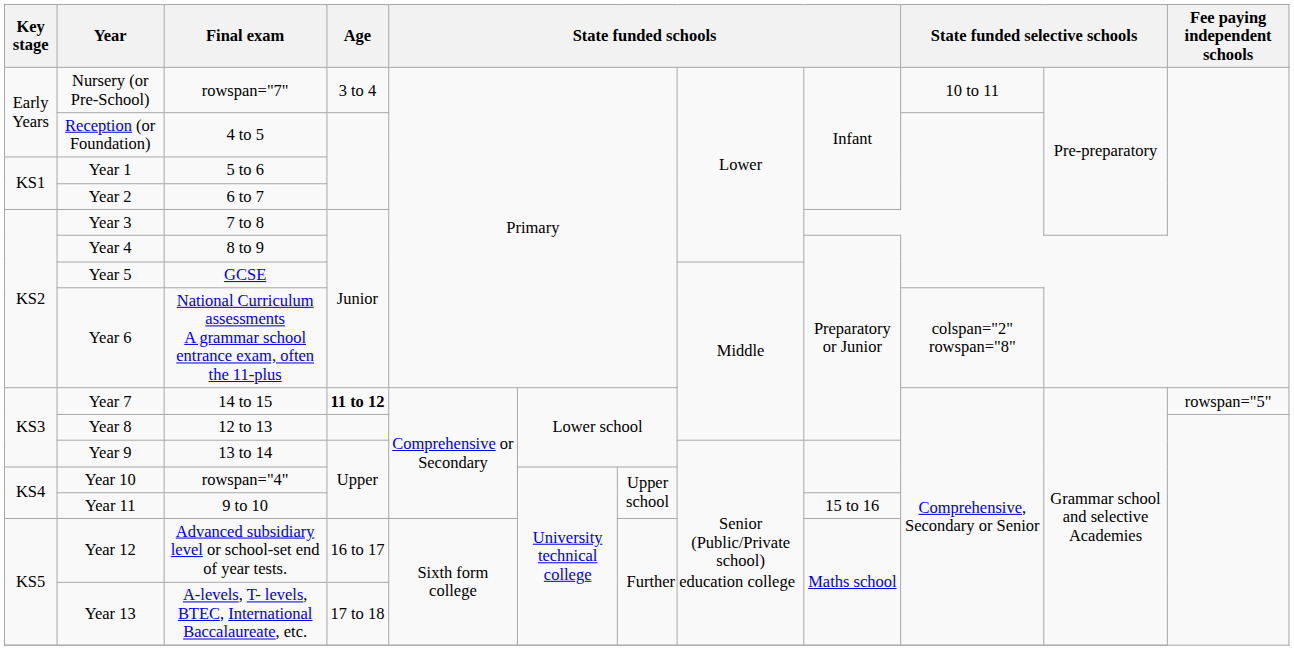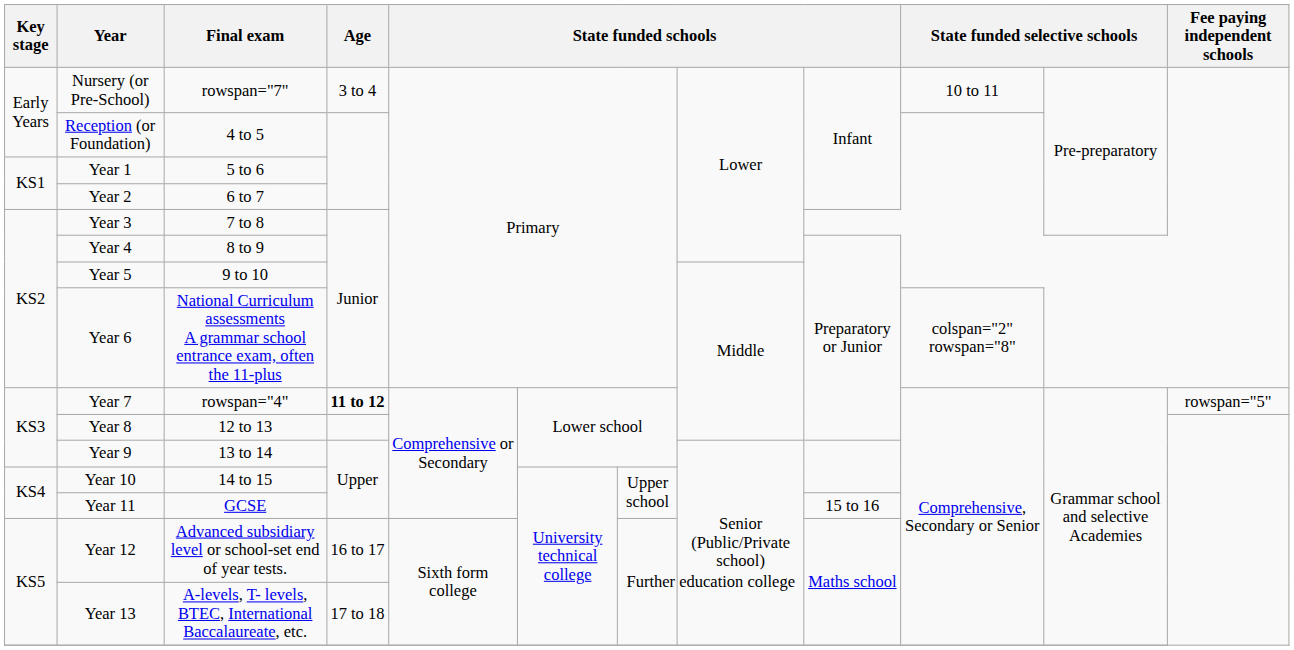 <table class="wikitable" style="text-align: center">
 <tr>
 <th>Key stage</th>
 <th>Year</th>
 <th>Final exam</th>
 <th>Age</th>
 <th colspan="5">State funded schools</th>
 <th colspan="2">State funded selective schools</th>
 <th>Fee paying independent schools</th>
 </tr>
 <tr>
 <td rowspan="2">Early Years</td>
 <td>Nursery (or Pre-School)</td>
 <td>rowspan="7" </td>
 <td>3 to 4</td>
 <td colspan="3" rowspan="8">Primary</td>
 <td rowspan="6">Lower</td>
 <td rowspan="4">Infant</td>
 <td>10 to 11</td>
 <td rowspan="5">Pre-preparatory</td>
 </tr>
 <tr>
 <td><a href='#'>Reception</a> (or Foundation)</td>
 <td>4 to 5</td>
 </tr>
 <tr>
 <td rowspan="2">KS1</td>
 <td>Year 1</td>
 <td>5 to 6</td>
 </tr>
 <tr>
 <td>Year 2</td>
 <td>6 to 7</td>
 </tr>
 <tr>
 <td rowspan="4">KS2</td>
 <td>Year 3</td>
 <td>7 to 8</td>
 <td rowspan="4">Junior</td>
 </tr>
 <tr>
 <td>Year 4</td>
 <td>8 to 9</td>
 <td rowspan="5">Preparatory or Junior</td>
 </tr>
 <tr>
 <td>Year 5</td>
-<td><a href='#'>GCSE</a></td>
+<td>9 to 10</td>
 <td rowspan="4">Middle</td>
 </tr>
 <tr>
 <td>Year 6</td>
 <td><a href='#'>National Curriculum assessments</a><br> <a href='#'>A grammar school entrance exam, often the 11-plus</a></td>
 <td>colspan="2" rowspan="8" </td>
 </tr>
 <tr>
 <td rowspan="3">KS3</td>
 <td>Year 7</td>
-<td>14 to 15</td>
+<td>rowspan="4" </td>
 <td><strong>11 to 12</strong></td>
 <td rowspan="5"><a href='#'>Comprehensive</a> or Secondary</td>
 <td rowspan="3" colspan="2">Lower school</td>
 <td rowspan="7"><a href='#'>Comprehensive</a>, Secondary or Senior</td>
 <td rowspan="7">Grammar school and selective Academies</td>
 <td>rowspan="5" </td>
 </tr>
 <tr>
 <td>Year 8</td>
 <td>12 to 13</td>
 </tr>
 <tr>
 <td>Year 9</td>
 <td>13 to 14</td>
 <td rowspan="3">Upper</td>
 <td rowspan="5">Senior (Public/Private school)</td>
 </tr>
 <tr>
 <td rowspan="2">KS4</td>
 <td>Year 10</td>
-<td>rowspan="4" </td>
+<td>14 to 15</td>
 <td rowspan="4"><a href='#'>University technical college</a></td>
 <td rowspan="2">Upper school</td>
 </tr>
 <tr>
 <td>Year 11</td>
-<td>9 to 10</td>
+<td><a href='#'>GCSE</a></td>
 <td>15 to 16</td>
 </tr>
 <tr>
 <td rowspan="2">KS5</td>
 <td>Year 12</td>
 <td><a href='#'>Advanced subsidiary level</a> or school-set end of year tests.</td>
 <td>16 to 17</td>
 <td colspan="1" rowspan="2">Sixth form college</td>
 <td colspan="2" rowspan="2">Further education college</td>
 <td rowspan="2"><a href='#'>Maths school</a></td>
 </tr>
 <tr>
 <td>Year 13</td>
 <td><a href='#'>A-levels</a>, <a href='#'>T- levels</a>, <a href='#'>BTEC</a>, <a href='#'>International Baccalaureate</a>, etc.</td>
 <td>17 to 18</td>
 </tr>
 <tr>
 </tr>
 </table>
